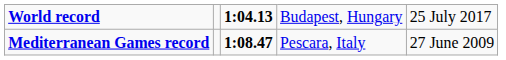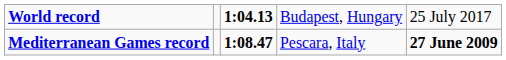 <table class="wikitable">
 <tr>
 <td><strong><a href='#'>World record</a></strong></td>
 <td></td>
 <td><strong>1:04.13</strong></td>
 <td><a href='#'>Budapest</a>, <a href='#'>Hungary</a></td>
 <td>25 July 2017</td>
 </tr>
 <tr>
 <td><strong><a href='#'>Mediterranean Games record</a></strong></td>
 <td></td>
 <td><strong>1:08.47</strong></td>
 <td><a href='#'>Pescara</a>, <a href='#'>Italy</a></td>
-<td>27 June 2009</td>
+<td><strong>27 June 2009</strong></td>
 </tr>
 </table>
